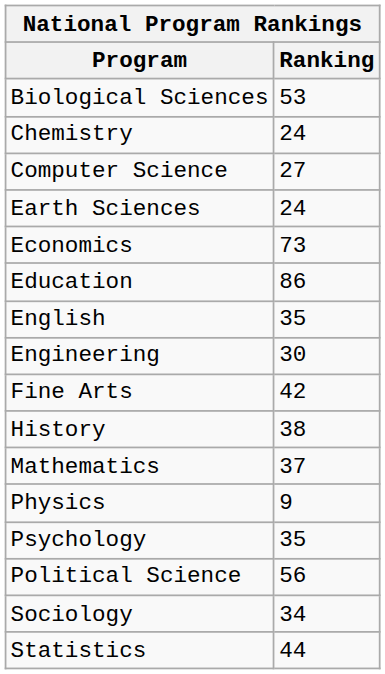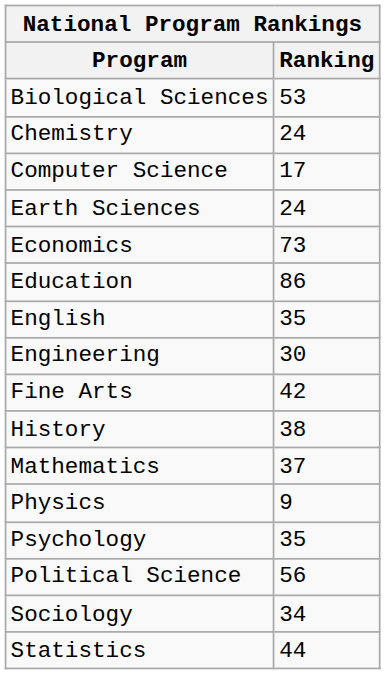 <table class="wikitable sortable collapsible collapsed" style="float:right" "text-align:center">
 <tr>
 <th colspan=4>National Program Rankings</th>
 </tr>
 <tr>
 <th>Program</th>
 <th>Ranking</th>
 </tr>
 <tr>
 <td>Biological Sciences</td>
 <td>53</td>
 </tr>
 <tr>
 <td>Chemistry</td>
 <td>24</td>
 </tr>
 <tr>
 <td>Computer Science</td>
-<td>27</td>
+<td>17</td>
 </tr>
 <tr>
 <td>Earth Sciences</td>
 <td>24</td>
 </tr>
 <tr>
 <td>Economics</td>
 <td>73</td>
 </tr>
 <tr>
 <td>Education</td>
 <td>86</td>
 </tr>
 <tr>
 <td>English</td>
 <td>35</td>
 </tr>
 <tr>
 <td>Engineering</td>
 <td>30</td>
 </tr>
 <tr>
 <td>Fine Arts</td>
 <td>42</td>
 </tr>
 <tr>
 <td>History</td>
 <td>38</td>
 </tr>
 <tr>
 <td>Mathematics</td>
 <td>37</td>
 </tr>
 <tr>
 <td>Physics</td>
 <td>9</td>
 </tr>
 <tr>
 <td>Psychology</td>
 <td>35</td>
 </tr>
 <tr>
 <td>Political Science</td>
 <td>56</td>
 </tr>
 <tr>
 <td>Sociology</td>
 <td>34</td>
 </tr>
 <tr>
 <td>Statistics</td>
 <td>44</td>
 </tr>
 </table>
